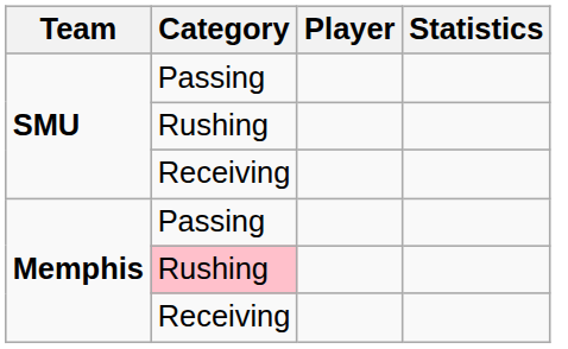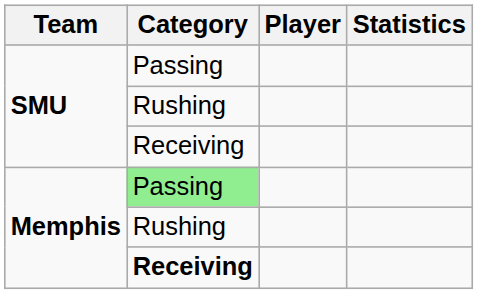 <table class="wikitable" style="float: left;">
 <tr>
 <th>Team</th>
 <th>Category</th>
 <th>Player</th>
 <th>Statistics</th>
 </tr>
 <tr>
 <td rowspan=3><strong>SMU</strong></td>
 <td>Passing</td>
 <td></td>
 <td></td>
 </tr>
 <tr>
 <td>Rushing</td>
 <td></td>
 <td></td>
 </tr>
 <tr>
 <td>Receiving</td>
 <td></td>
 <td></td>
 </tr>
 <tr>
 <td rowspan=3><strong>Memphis</strong></td>
-<td>Passing</td>
+<td style="background: lightgreen;">Passing</td>
 <td></td>
 <td></td>
 </tr>
 <tr>
-<td style="background: pink;">Rushing</td>
+<td>Rushing</td>
 <td></td>
 <td></td>
 </tr>
 <tr>
-<td>Receiving</td>
+<td><strong>Receiving</strong></td>
 <td></td>
 <td></td>
 </tr>
 </table>
